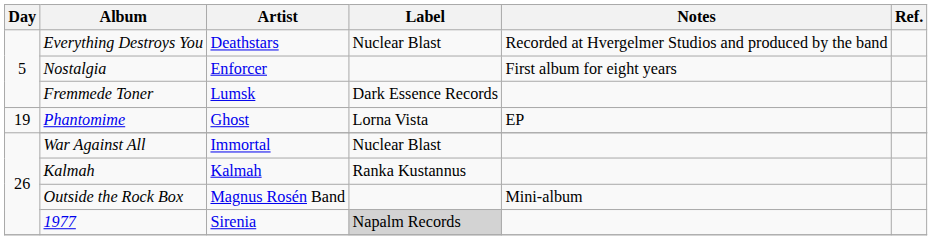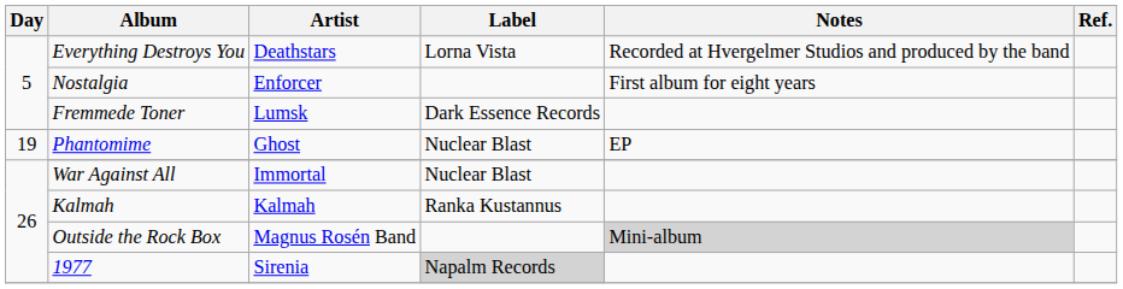 <table class="wikitable">
 <tr>
 <th>Day</th>
 <th>Album</th>
 <th>Artist</th>
 <th>Label</th>
 <th>Notes</th>
 <th>Ref.</th>
 </tr>
 <tr>
 <td rowspan="3" style="text-align:center;">5</td>
 <td><em>Everything Destroys You</em></td>
 <td><a href='#'>Deathstars</a></td>
-<td>Nuclear Blast</td>
+<td>Lorna Vista</td>
 <td>Recorded at Hvergelmer Studios and produced by the band</td>
 <td></td>
 </tr>
 <tr>
 <td><em>Nostalgia</em></td>
 <td><a href='#'>Enforcer</a></td>
 <td></td>
 <td>First album for eight years</td>
 <td></td>
 </tr>
 <tr>
 <td><em>Fremmede Toner</em></td>
 <td><a href='#'>Lumsk</a></td>
 <td>Dark Essence Records</td>
 <td></td>
 <td></td>
 </tr>
 <tr>
 <td rowspan="1" style="text-align:center;">19</td>
 <td><em><a href='#'>Phantomime</a></em></td>
 <td><a href='#'>Ghost</a></td>
-<td>Lorna Vista</td>
+<td>Nuclear Blast</td>
 <td>EP</td>
 <td></td>
 </tr>
 <tr>
 <td rowspan="5" style="text-align:center;">26</td>
 </tr>
 <tr>
 <td><em>War Against All</em></td>
 <td><a href='#'>Immortal</a></td>
 <td>Nuclear Blast</td>
 <td></td>
 <td></td>
 </tr>
 <tr>
 <td><em>Kalmah</em></td>
 <td><a href='#'>Kalmah</a></td>
 <td>Ranka Kustannus</td>
 <td></td>
 <td></td>
 </tr>
 <tr>
 <td><em>Outside the Rock Box</em></td>
 <td><a href='#'>Magnus Rosén</a> Band</td>
 <td></td>
-<td>Mini-album</td>
+<td style="background: lightgrey;">Mini-album</td>
 <td></td>
 </tr>
 <tr>
 <td><em><a href='#'>1977</a></em></td>
 <td><a href='#'>Sirenia</a></td>
 <td style="background: lightgrey;">Napalm Records</td>
 <td></td>
 <td></td>
 </tr>
 <tr>
 </tr>
 </table>
